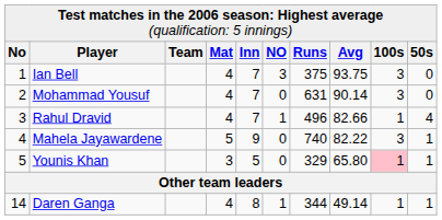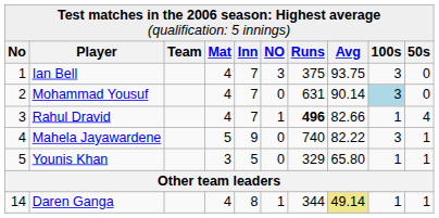 <table class="wikitable">
 <tr>
 <td style="background:#efefef; text-align:center;" colspan="10"><strong>Test matches in the 2006 season: Highest average</strong><br><em>(qualification: 5 innings)</em></td>
 </tr>
 <tr>
 <th>No</th>
 <th>Player</th>
 <th>Team</th>
 <th><a href='#'>Mat</a></th>
 <th><a href='#'>Inn</a></th>
 <th><a href='#'>NO</a></th>
 <th><a href='#'>Runs</a></th>
 <th><a href='#'>Avg</a></th>
 <th>100s</th>
 <th>50s</th>
 </tr>
 <tr style="text-align:right;">
 <td>1</td>
 <td align="left"><a href='#'>Ian Bell</a></td>
 <td align="left"></td>
 <td>4</td>
 <td>7</td>
 <td>3</td>
 <td>375</td>
 <td>93.75</td>
 <td>3</td>
 <td>0</td>
 </tr>
 <tr style="text-align:right;">
 <td>2</td>
 <td align="left"><a href='#'>Mohammad Yousuf</a></td>
 <td align="left"></td>
 <td>4</td>
 <td>7</td>
 <td>0</td>
 <td>631</td>
 <td>90.14</td>
-<td>3</td>
+<td style="background: lightblue;">3</td>
 <td>0</td>
 </tr>
 <tr style="text-align:right;">
 <td>3</td>
 <td align="left"><a href='#'>Rahul Dravid</a></td>
 <td align="left"></td>
 <td>4</td>
 <td>7</td>
 <td>1</td>
-<td>496</td>
+<td><strong>496</strong></td>
 <td>82.66</td>
 <td>1</td>
 <td>4</td>
 </tr>
 <tr style="text-align:right;">
 <td>4</td>
 <td align="left"><a href='#'>Mahela Jayawardene</a></td>
 <td align="left"></td>
 <td>5</td>
 <td>9</td>
 <td>0</td>
 <td>740</td>
 <td>82.22</td>
 <td>3</td>
 <td>1</td>
 </tr>
 <tr style="text-align:right;">
 <td>5</td>
 <td align="left"><a href='#'>Younis Khan</a></td>
 <td align="left"></td>
 <td>3</td>
 <td>5</td>
 <td>0</td>
 <td>329</td>
 <td>65.80</td>
-<td style="background: pink;">1</td>
+<td>1</td>
 <td>1</td>
 </tr>
 <tr>
 <th colspan="10">Other team leaders</th>
 </tr>
 <tr style="text-align:right;">
 <td>14</td>
 <td align="left"><a href='#'>Daren Ganga</a></td>
 <td align="left"></td>
 <td>4</td>
 <td>8</td>
 <td>1</td>
 <td>344</td>
-<td>49.14</td>
+<td style="background: khaki;">49.14</td>
 <td>1</td>
 <td>1</td>
 </tr>
 </table>
